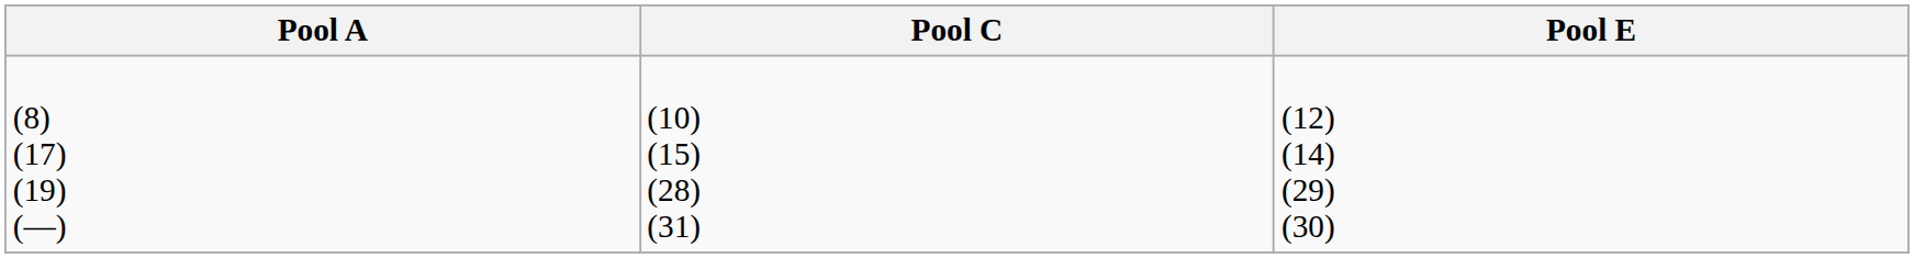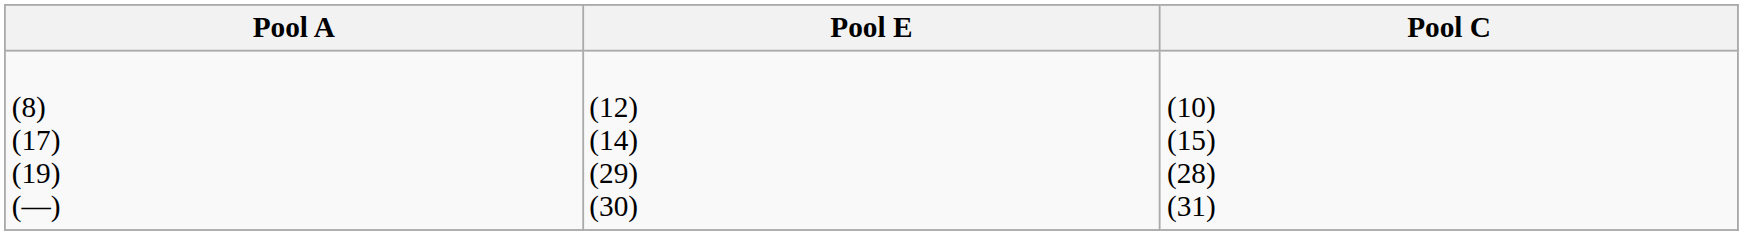 <table class="wikitable" width=75%>
 <tr>
 <th width=33%>Pool A</th>
+<th width=33%>Pool E</th>
 <th width=33%>Pool C</th>
-<th width=33%>Pool E</th>
 </tr>
 <tr>
 <td><br> (8)<br>  (17)<br>  (19)<br>  (—)</td>
+<td><br> (12)<br>  (14)<br>  (29)<br>  (30)</td>
 <td><br> (10)<br>  (15)<br>  (28)<br>  (31)</td>
-<td><br> (12)<br>  (14)<br>  (29)<br>  (30)</td>
 </tr>
 </table>
